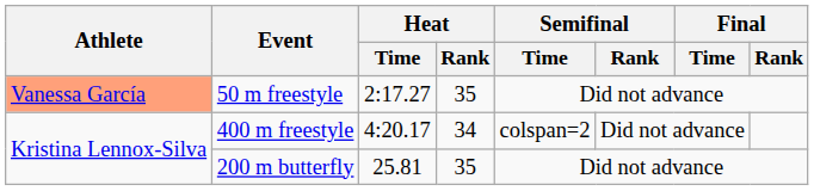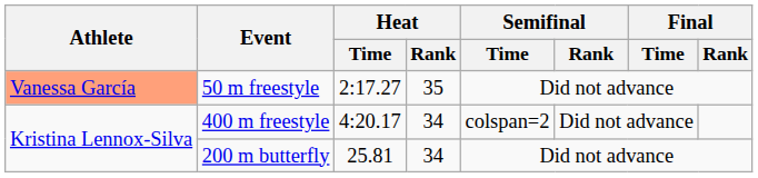 <table class=wikitable style="font-size:90%">
 <tr>
 <th rowspan="2">Athlete</th>
 <th rowspan="2">Event</th>
 <th colspan="2">Heat</th>
 <th colspan="2">Semifinal</th>
 <th colspan="2">Final</th>
 </tr>
 <tr style="font-size:95%">
 <th>Time</th>
 <th>Rank</th>
 <th>Time</th>
 <th>Rank</th>
 <th>Time</th>
 <th>Rank</th>
 </tr>
 <tr align=center>
 <td align=left style="background: lightsalmon;"><a href='#'>Vanessa García</a></td>
 <td align=left><a href='#'>50 m freestyle</a></td>
 <td>2:17.27</td>
 <td>35</td>
 <td colspan=4>Did not advance</td>
 </tr>
 <tr align=center>
 <td align=left rowspan=2><a href='#'>Kristina Lennox-Silva</a></td>
 <td align=left><a href='#'>400 m freestyle</a></td>
 <td>4:20.17</td>
 <td>34</td>
 <td>colspan=2 </td>
 <td colspan=2>Did not advance</td>
 </tr>
 <tr align=center>
 <td align=left><a href='#'>200 m butterfly</a></td>
 <td>25.81</td>
-<td>35</td>
+<td>34</td>
 <td colspan=4>Did not advance</td>
 </tr>
 </table>
